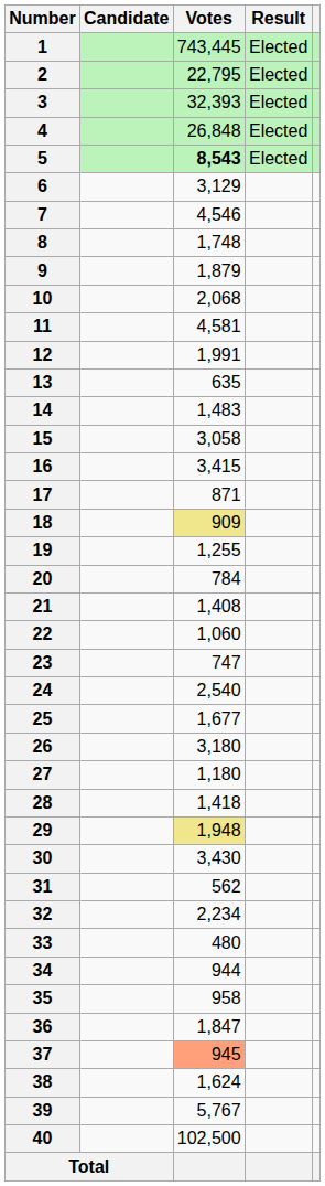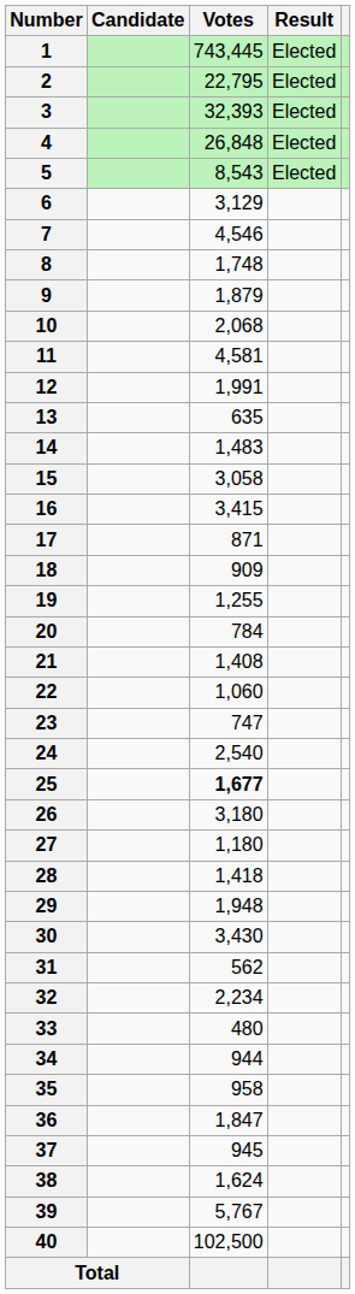 <table class="wikitable sortable">
 <tr>
 <th scope="col">Number</th>
 <th scope="col">Candidate</th>
 <th scope="col">Votes</th>
 <th scope="col">Result</th>
 <th scope="col" class="unsortable"></th>
 </tr>
 <tr bgcolor=bbf3bb>
 <th scope="row">1</th>
 <td></td>
 <td style="text-align:right">743,445</td>
 <td>Elected</td>
 <td></td>
 </tr>
 <tr bgcolor=bbf3bb>
 <th scope="row">2</th>
 <td></td>
 <td style="text-align:right">22,795</td>
 <td>Elected</td>
 <td></td>
 </tr>
 <tr bgcolor=bbf3bb>
 <th scope="row">3</th>
 <td></td>
 <td style="text-align:right">32,393</td>
 <td>Elected</td>
 <td></td>
 </tr>
 <tr bgcolor=bbf3bb>
 <th scope="row">4</th>
 <td></td>
 <td style="text-align:right">26,848</td>
 <td>Elected</td>
 <td></td>
 </tr>
 <tr bgcolor=bbf3bb>
 <th scope="row">5</th>
 <td></td>
-<td style="text-align:right"><strong>8,543</strong></td>
+<td style="text-align:right">8,543</td>
 <td>Elected</td>
 <td></td>
 </tr>
 <tr>
 <th scope="row">6</th>
 <td></td>
 <td style="text-align:right">3,129</td>
 <td></td>
 <td></td>
 </tr>
 <tr>
 <th scope="row">7</th>
 <td></td>
 <td style="text-align:right">4,546</td>
 <td></td>
 <td></td>
 </tr>
 <tr>
 <th scope="row">8</th>
 <td></td>
 <td style="text-align:right">1,748</td>
 <td></td>
 <td></td>
 </tr>
 <tr>
 <th scope="row">9</th>
 <td></td>
 <td style="text-align:right">1,879</td>
 <td></td>
 <td></td>
 </tr>
 <tr>
 <th scope="row">10</th>
 <td></td>
 <td style="text-align:right">2,068</td>
 <td></td>
 <td></td>
 </tr>
 <tr>
 <th scope="row">11</th>
 <td></td>
 <td style="text-align:right">4,581</td>
 <td></td>
 <td></td>
 </tr>
 <tr>
 <th scope="row">12</th>
 <td></td>
 <td style="text-align:right">1,991</td>
 <td></td>
 <td></td>
 </tr>
 <tr>
 <th scope="row">13</th>
 <td></td>
 <td style="text-align:right">635</td>
 <td></td>
 <td></td>
 </tr>
 <tr>
 <th scope="row">14</th>
 <td></td>
 <td style="text-align:right">1,483</td>
 <td></td>
 <td></td>
 </tr>
 <tr>
 <th scope="row">15</th>
 <td></td>
 <td style="text-align:right">3,058</td>
 <td></td>
 <td></td>
 </tr>
 <tr>
 <th scope="row">16</th>
 <td></td>
 <td style="text-align:right">3,415</td>
 <td></td>
 <td></td>
 </tr>
 <tr>
 <th scope="row">17</th>
 <td></td>
 <td style="text-align:right">871</td>
 <td></td>
 <td></td>
 </tr>
 <tr>
 <th scope="row">18</th>
 <td></td>
-<td style="background: khaki; text-align:right">909</td>
+<td style="text-align:right">909</td>
 <td></td>
 <td></td>
 </tr>
 <tr>
 <th scope="row">19</th>
 <td></td>
 <td style="text-align:right">1,255</td>
 <td></td>
 <td></td>
 </tr>
 <tr>
 <th scope="row">20</th>
 <td></td>
 <td style="text-align:right">784</td>
 <td></td>
 <td></td>
 </tr>
 <tr>
 <th scope="row">21</th>
 <td></td>
 <td style="text-align:right">1,408</td>
 <td></td>
 <td></td>
 </tr>
 <tr>
 <th scope="row">22</th>
 <td></td>
 <td style="text-align:right">1,060</td>
 <td></td>
 <td></td>
 </tr>
 <tr>
 <th scope="row">23</th>
 <td></td>
 <td style="text-align:right">747</td>
 <td></td>
 <td></td>
 </tr>
 <tr>
 <th scope="row">24</th>
 <td></td>
 <td style="text-align:right">2,540</td>
 <td></td>
 <td></td>
 </tr>
 <tr>
 <th scope="row">25</th>
 <td></td>
-<td style="text-align:right">1,677</td>
+<td style="text-align:right"><strong>1,677</strong></td>
 <td></td>
 <td></td>
 </tr>
 <tr>
 <th scope="row">26</th>
 <td></td>
 <td style="text-align:right">3,180</td>
 <td></td>
 <td></td>
 </tr>
 <tr>
 <th scope="row">27</th>
 <td></td>
 <td style="text-align:right">1,180</td>
 <td></td>
 <td></td>
 </tr>
 <tr>
 <th scope="row">28</th>
 <td></td>
 <td style="text-align:right">1,418</td>
 <td></td>
 <td></td>
 </tr>
 <tr>
 <th scope="row">29</th>
 <td></td>
-<td style="background: khaki; text-align:right">1,948</td>
+<td style="text-align:right">1,948</td>
 <td></td>
 <td></td>
 </tr>
 <tr>
 <th scope="row">30</th>
 <td></td>
 <td style="text-align:right">3,430</td>
 <td></td>
 <td></td>
 </tr>
 <tr>
 <th scope="row">31</th>
 <td></td>
 <td style="text-align:right">562</td>
 <td></td>
 <td></td>
 </tr>
 <tr>
 <th scope="row">32</th>
 <td></td>
 <td style="text-align:right">2,234</td>
 <td></td>
 <td></td>
 </tr>
 <tr>
 <th scope="row">33</th>
 <td></td>
 <td style="text-align:right">480</td>
 <td></td>
 <td></td>
 </tr>
 <tr>
 <th scope="row">34</th>
 <td></td>
 <td style="text-align:right">944</td>
 <td></td>
 <td></td>
 </tr>
 <tr>
 <th scope="row">35</th>
 <td></td>
 <td style="text-align:right">958</td>
 <td></td>
 <td></td>
 </tr>
 <tr>
 <th scope="row">36</th>
 <td></td>
 <td style="text-align:right">1,847</td>
 <td></td>
 <td></td>
 </tr>
 <tr>
 <th scope="row">37</th>
 <td></td>
-<td style="background: lightsalmon; text-align:right">945</td>
+<td style="text-align:right">945</td>
 <td></td>
 <td></td>
 </tr>
 <tr>
 <th scope="row">38</th>
 <td></td>
 <td style="text-align:right">1,624</td>
 <td></td>
 <td></td>
 </tr>
 <tr>
 <th scope="row">39</th>
 <td></td>
 <td style="text-align:right">5,767</td>
 <td></td>
 <td></td>
 </tr>
 <tr>
 <th scope="row">40</th>
 <td></td>
 <td style="text-align:right">102,500</td>
 <td></td>
 <td></td>
 </tr>
 <tr class="sortbottom">
 <th scope="row" colspan="2">Total</th>
 <th style="text-align:right"></th>
 <th></th>
 <th></th>
 </tr>
 </table>
